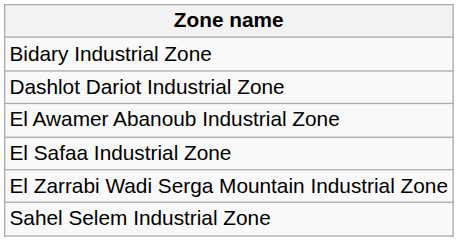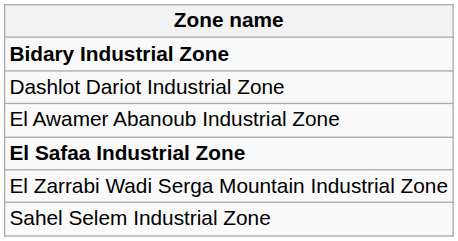 <table class="wikitable">
 <tr>
 <th>Zone name</th>
 </tr>
 <tr>
-<td rowspan="1">Bidary Industrial Zone</td>
+<td rowspan="1"><strong>Bidary Industrial Zone</strong></td>
 </tr>
 <tr>
 <td rowspan="1">Dashlot Dariot Industrial Zone</td>
 </tr>
 <tr>
 <td rowspan="1">El Awamer Abanoub Industrial Zone</td>
 </tr>
 <tr>
-<td rowspan="1">El Safaa Industrial Zone</td>
+<td rowspan="1"><strong>El Safaa Industrial Zone</strong></td>
 </tr>
 <tr>
 <td rowspan="1">El Zarrabi Wadi Serga Mountain Industrial Zone</td>
 </tr>
 <tr>
 <td rowspan="1">Sahel Selem Industrial Zone</td>
 </tr>
 </table>
